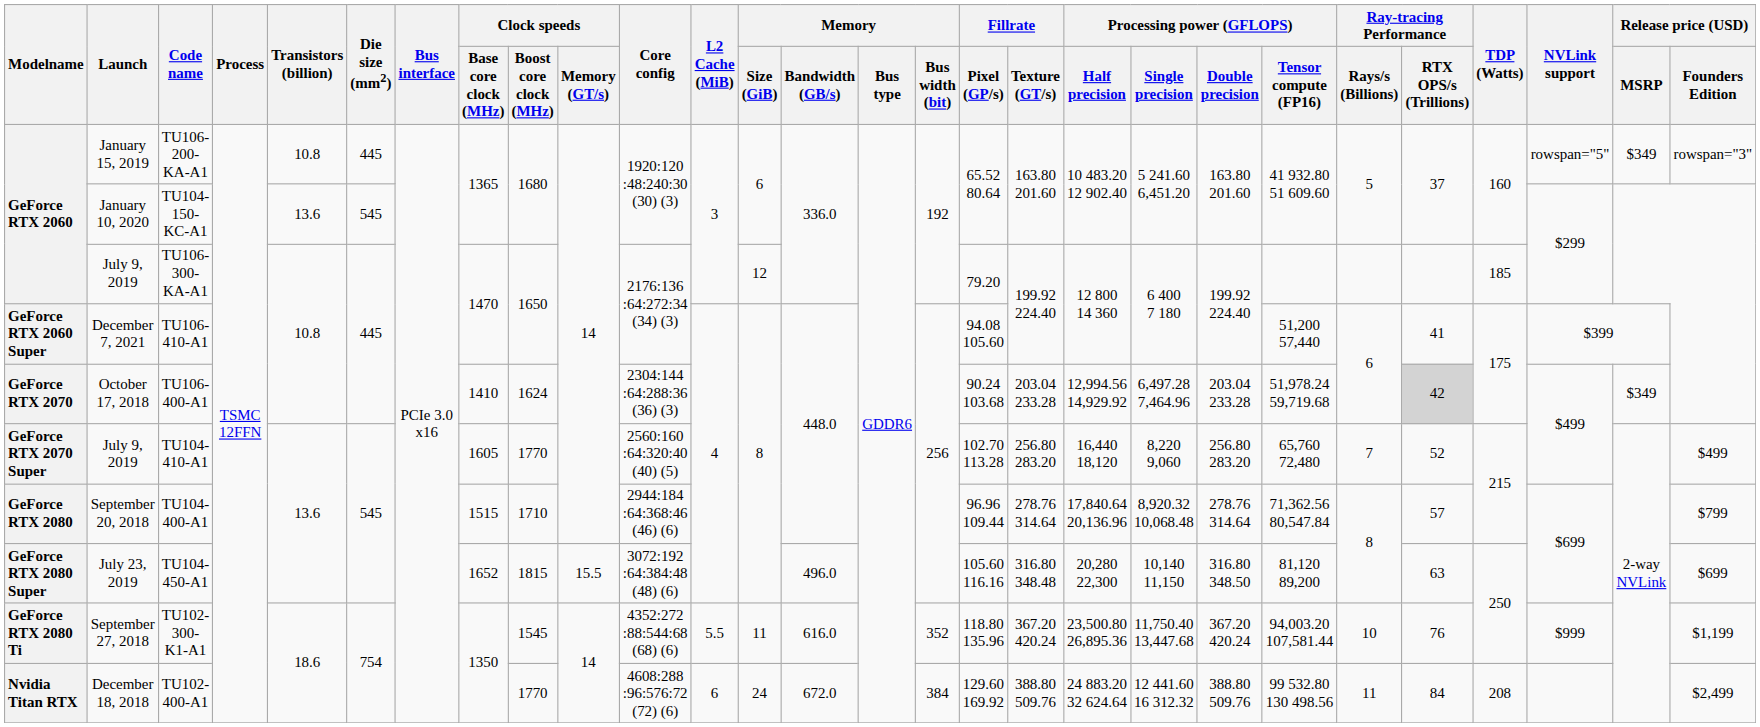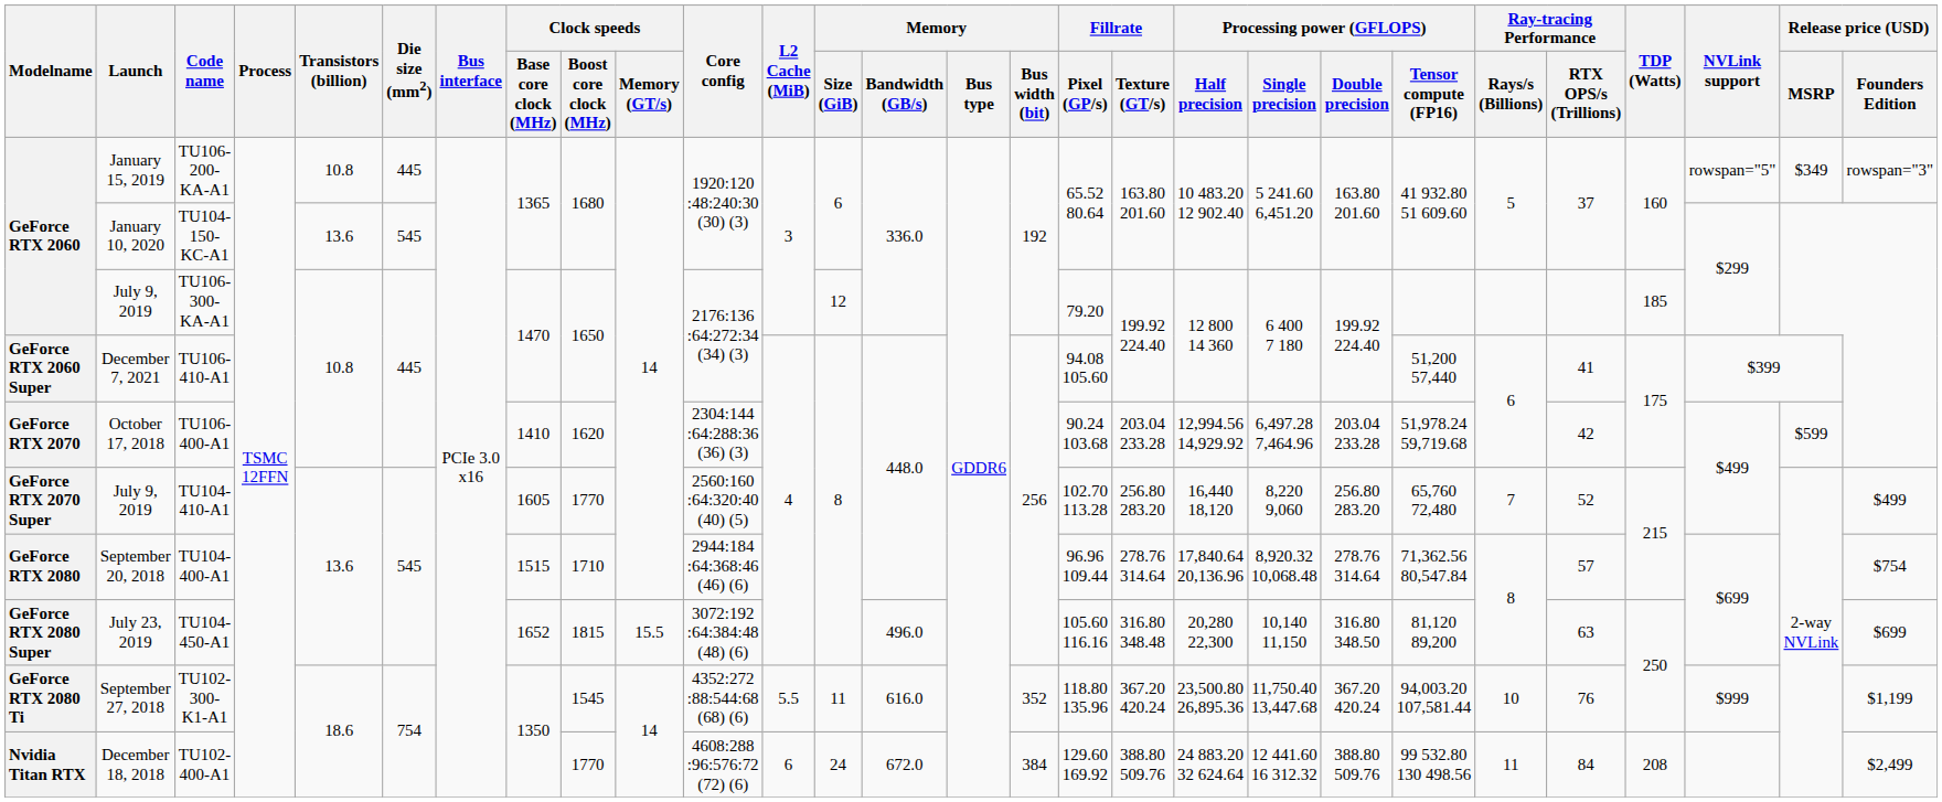 <table class="mw-datatable wikitable sortable sort-under" style="font-size:85%; text-align:center;">
 <tr>
 <th rowspan="2">Modelname</th>
 <th rowspan="2">Launch</th>
 <th rowspan="2"><a href='#'>Code name</a></th>
 <th rowspan="2">Process</th>
 <th rowspan="2">Transistors (billion)</th>
 <th rowspan="2">Die size (mm<sup>2</sup>)</th>
 <th rowspan="2"><a href='#'>Bus</a> <a href='#'>interface</a></th>
 <th colspan="3">Clock speeds</th>
 <th rowspan="2">Core config </th>
 <th rowspan="2"><a href='#'>L2 Cache</a><br>(<a href='#'>MiB</a>)</th>
 <th colspan="4">Memory</th>
 <th colspan="2"><a href='#'>Fillrate</a></th>
 <th colspan="4">Processing power (<a href='#'>GFLOPS</a>) </th>
 <th colspan="2"><a href='#'>Ray-tracing</a> Performance</th>
 <th rowspan="2"><a href='#'>TDP</a> (Watts)</th>
 <th rowspan="2"><a href='#'>NVLink</a> support</th>
 <th colspan="2">Release price (USD)</th>
 </tr>
 <tr>
 <th>Base core clock (<a href='#'>MHz</a>)</th>
 <th>Boost core clock (<a href='#'>MHz</a>)</th>
 <th>Memory (<a href='#'>GT/s</a>)</th>
 <th>Size (<a href='#'>GiB</a>)</th>
 <th>Bandwidth (<a href='#'>GB/s</a>)</th>
 <th>Bus type</th>
 <th>Bus width (<a href='#'>bit</a>)</th>
 <th>Pixel (<a href='#'>GP</a>/s)</th>
 <th>Texture (<a href='#'>GT</a>/s) </th>
 <th><a href='#'>Half precision</a></th>
 <th><a href='#'>Single precision</a></th>
 <th><a href='#'>Double precision</a></th>
 <th><a href='#'>Tensor</a> compute (FP16)</th>
 <th>Rays/s (Billions)</th>
 <th>RTX OPS/s (Trillions)</th>
 <th>MSRP</th>
 <th>Founders Edition</th>
 </tr>
 <tr>
 <th rowspan="3" style="text-align:left;">GeForce RTX 2060 </th>
 <td>January 15, 2019</td>
 <td>TU106-200-KA-A1</td>
 <td rowspan="10"><a href='#'>TSMC</a><br><a href='#'>12FFN</a></td>
 <td>10.8</td>
 <td>445</td>
 <td rowspan="10">PCIe 3.0 x16</td>
 <td rowspan="2">1365</td>
 <td rowspan="2">1680</td>
 <td rowspan="7">14</td>
 <td rowspan="2">1920:120 :48:240:30 <br>(30) (3)</td>
 <td rowspan="3">3</td>
 <td rowspan="2">6</td>
 <td rowspan="3">336.0</td>
 <td rowspan="10"><a href='#'>GDDR6</a></td>
 <td rowspan="3">192</td>
 <td rowspan="2">65.52<br>80.64</td>
 <td rowspan="2">163.80<br>201.60</td>
 <td rowspan="2">10 483.20<br>12 902.40</td>
 <td rowspan="2">5 241.60<br>6,451.20</td>
 <td rowspan="2">163.80<br>201.60</td>
 <td rowspan="2">41 932.80<br>51 609.60</td>
 <td rowspan="2">5</td>
 <td rowspan="2">37</td>
 <td rowspan="2">160</td>
 <td>rowspan="5" </td>
 <td>$349</td>
 <td>rowspan="3" </td>
 </tr>
 <tr>
 <td>January 10, 2020</td>
 <td>TU104-150-KC-A1 </td>
 <td>13.6</td>
 <td>545</td>
 <td rowspan="2">$299</td>
 </tr>
 <tr>
 <td>July 9, 2019</td>
 <td>TU106-300-KA-A1</td>
 <td rowspan="3">10.8</td>
 <td rowspan="3">445</td>
 <td rowspan="2">1470</td>
 <td rowspan="2">1650</td>
 <td rowspan="2">2176:136 :64:272:34 <br>(34) (3)</td>
 <td>12</td>
 <td><br>79.20</td>
 <td rowspan="2">199.92<br>224.40</td>
 <td rowspan="2">12 800<br>14 360</td>
 <td rowspan="2">6 400<br>7 180</td>
 <td rowspan="2">199.92<br>224.40</td>
 <td></td>
 <td></td>
 <td></td>
 <td>185</td>
 </tr>
 <tr>
 <th style="text-align:left;">GeForce RTX 2060 Super </th>
 <td>December 7, 2021 </td>
 <td>TU106-410-A1</td>
 <td rowspan="5">4</td>
 <td rowspan="5">8</td>
 <td rowspan="4">448.0</td>
 <td rowspan="5">256</td>
 <td>94.08<br>105.60</td>
 <td>51,200<br>57,440</td>
 <td rowspan="2">6</td>
 <td>41</td>
 <td rowspan="2">175</td>
 <td colspan="2">$399</td>
 </tr>
 <tr>
 <th style="text-align:left;">GeForce RTX 2070 </th>
 <td>October 17, 2018</td>
 <td>TU106-400-A1</td>
 <td>1410</td>
-<td>1624</td>
+<td>1620</td>
 <td>2304:144 :64:288:36 <br>(36) (3)</td>
 <td>90.24<br>103.68</td>
 <td>203.04<br>233.28</td>
 <td>12,994.56<br>14,929.92</td>
 <td>6,497.28<br>7,464.96</td>
 <td>203.04<br>233.28</td>
 <td>51,978.24<br>59,719.68</td>
-<td style="background: lightgrey;">42</td>
+<td>42</td>
 <td rowspan="2">$499</td>
-<td>$349</td>
+<td>$599</td>
 </tr>
 <tr>
 <th style="text-align:left;">GeForce RTX 2070 Super </th>
 <td>July 9, 2019</td>
 <td>TU104-410-A1</td>
 <td rowspan="3">13.6</td>
 <td rowspan="3">545</td>
 <td>1605</td>
 <td>1770</td>
 <td>2560:160 :64:320:40 <br>(40) (5)</td>
 <td>102.70<br>113.28</td>
 <td>256.80<br>283.20</td>
 <td>16,440<br>18,120</td>
 <td>8,220<br>9,060</td>
 <td>256.80<br>283.20</td>
 <td>65,760<br>72,480</td>
 <td>7</td>
 <td>52</td>
 <td rowspan="2">215</td>
 <td rowspan="5">2-way <a href='#'>NVLink</a></td>
 <td>$499</td>
 </tr>
 <tr>
 <th style="text-align:left;">GeForce RTX 2080 </th>
 <td>September 20, 2018</td>
 <td>TU104-400-A1</td>
 <td>1515</td>
 <td>1710</td>
 <td>2944:184 :64:368:46 <br>(46) (6)</td>
 <td>96.96<br>109.44</td>
 <td>278.76<br>314.64</td>
 <td>17,840.64<br>20,136.96</td>
 <td>8,920.32<br>10,068.48</td>
 <td>278.76<br>314.64</td>
 <td>71,362.56<br>80,547.84</td>
 <td rowspan="2">8</td>
 <td>57</td>
 <td rowspan="2">$699</td>
-<td>$799</td>
+<td>$754</td>
 </tr>
 <tr>
 <th style="text-align:left;">GeForce RTX 2080 Super </th>
 <td>July 23, 2019</td>
 <td>TU104-450-A1</td>
 <td>1652</td>
 <td>1815</td>
 <td>15.5</td>
 <td>3072:192 :64:384:48 <br>(48) (6)</td>
 <td>496.0</td>
 <td>105.60<br>116.16</td>
 <td>316.80<br>348.48</td>
 <td>20,280<br>22,300</td>
 <td>10,140<br>11,150</td>
 <td>316.80<br>348.50</td>
 <td>81,120<br>89,200</td>
 <td>63</td>
 <td rowspan="2">250</td>
 <td>$699</td>
 </tr>
 <tr>
 <th style="text-align:left;">GeForce RTX 2080 Ti </th>
 <td>September 27, 2018</td>
 <td>TU102-300-K1-A1</td>
 <td rowspan="2">18.6</td>
 <td rowspan="2">754</td>
 <td rowspan="2">1350</td>
 <td>1545</td>
 <td rowspan="2">14</td>
 <td>4352:272 :88:544:68 <br>(68) (6)</td>
 <td>5.5</td>
 <td>11</td>
 <td>616.0</td>
 <td>352</td>
 <td>118.80<br>135.96</td>
 <td>367.20<br>420.24</td>
 <td>23,500.80<br>26,895.36</td>
 <td>11,750.40<br>13,447.68</td>
 <td>367.20<br>420.24</td>
 <td>94,003.20<br>107,581.44</td>
 <td>10</td>
 <td>76</td>
 <td>$999</td>
 <td>$1,199</td>
 </tr>
 <tr>
 <th style="text-align:left;">Nvidia Titan RTX </th>
 <td>December 18, 2018</td>
 <td>TU102-400-A1</td>
 <td>1770 </td>
 <td>4608:288 :96:576:72 <br>(72) (6)</td>
 <td>6</td>
 <td>24</td>
 <td>672.0</td>
 <td>384</td>
 <td>129.60<br>169.92</td>
 <td>388.80<br>509.76</td>
 <td>24 883.20<br>32 624.64</td>
 <td>12 441.60<br>16 312.32</td>
 <td>388.80<br>509.76</td>
 <td>99 532.80<br>130 498.56</td>
 <td>11</td>
 <td>84</td>
 <td>208</td>
 <td></td>
 <td>$2,499</td>
 </tr>
 </table>
